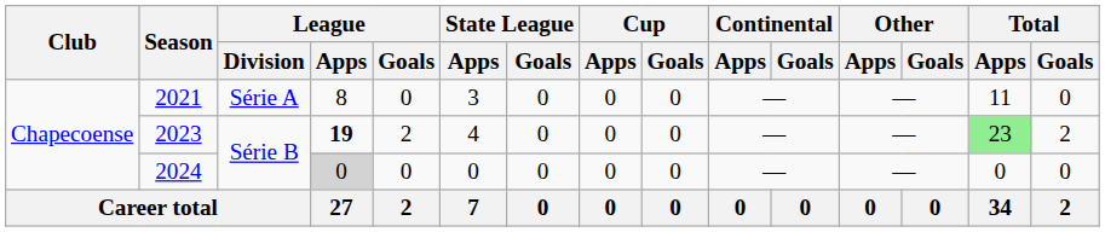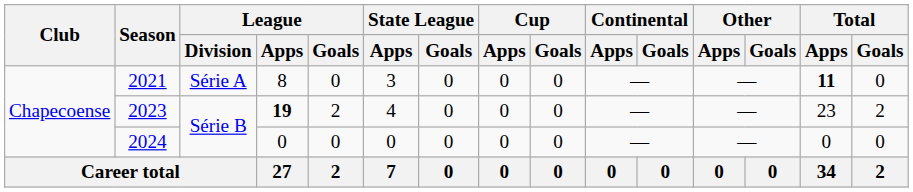 <table class="wikitable" style="text-align: center">
 <tr>
 <th rowspan="2">Club</th>
 <th rowspan="2">Season</th>
 <th colspan="3">League</th>
 <th colspan="2">State League</th>
 <th colspan="2">Cup</th>
 <th colspan="2">Continental</th>
 <th colspan="2">Other</th>
 <th colspan="2">Total</th>
 </tr>
 <tr>
 <th>Division</th>
 <th>Apps</th>
 <th>Goals</th>
 <th>Apps</th>
 <th>Goals</th>
 <th>Apps</th>
 <th>Goals</th>
 <th>Apps</th>
 <th>Goals</th>
 <th>Apps</th>
 <th>Goals</th>
 <th>Apps</th>
 <th>Goals</th>
 </tr>
 <tr>
 <td rowspan="3"><a href='#'>Chapecoense</a></td>
 <td><a href='#'>2021</a></td>
 <td><a href='#'>Série A</a></td>
 <td>8</td>
 <td>0</td>
 <td>3</td>
 <td>0</td>
 <td>0</td>
 <td>0</td>
 <td colspan="2">—</td>
 <td colspan="2">—</td>
-<td>11</td>
+<td><strong>11</strong></td>
 <td>0</td>
 </tr>
 <tr>
 <td><a href='#'>2023</a></td>
 <td rowspan="2"><a href='#'>Série B</a></td>
 <td><strong>19</strong></td>
 <td>2</td>
 <td>4</td>
 <td>0</td>
 <td>0</td>
 <td>0</td>
 <td colspan="2">—</td>
 <td colspan="2">—</td>
-<td style="background: lightgreen;">23</td>
+<td>23</td>
 <td>2</td>
 </tr>
 <tr>
 <td><a href='#'>2024</a></td>
-<td style="background: lightgrey;">0</td>
+<td>0</td>
 <td>0</td>
 <td>0</td>
 <td>0</td>
 <td>0</td>
 <td>0</td>
 <td colspan="2">—</td>
 <td colspan="2">—</td>
 <td>0</td>
 <td>0</td>
 </tr>
 <tr>
 <th colspan="3"><strong>Career total</strong></th>
 <th>27</th>
 <th>2</th>
 <th>7</th>
 <th>0</th>
 <th>0</th>
 <th>0</th>
 <th>0</th>
 <th>0</th>
 <th>0</th>
 <th>0</th>
 <th>34</th>
 <th>2</th>
 </tr>
 </table>
